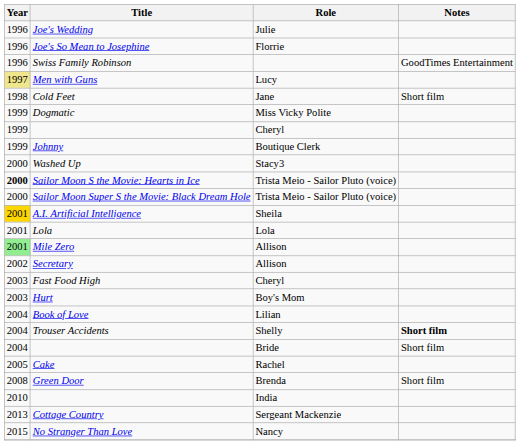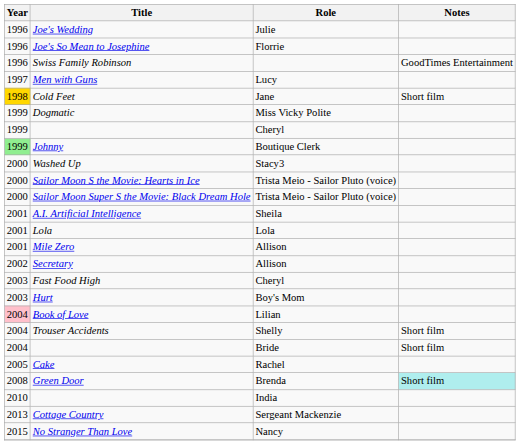 <table class="wikitable sortable">
 <tr>
 <th>Year</th>
 <th>Title</th>
 <th>Role</th>
 <th class="unsortable">Notes</th>
 </tr>
 <tr>
 <td>1996</td>
 <td><em><a href='#'>Joe's Wedding</a></em></td>
 <td>Julie</td>
 <td></td>
 </tr>
 <tr>
 <td>1996</td>
 <td><em><a href='#'>Joe's So Mean to Josephine</a></em></td>
 <td>Florrie</td>
 <td></td>
 </tr>
 <tr>
 <td>1996</td>
 <td><em>Swiss Family Robinson</em></td>
 <td></td>
 <td>GoodTimes Entertainment</td>
 </tr>
 <tr>
-<td style="background: khaki;">1997</td>
+<td>1997</td>
 <td><em><a href='#'>Men with Guns</a></em></td>
 <td>Lucy</td>
 <td></td>
 </tr>
 <tr>
-<td>1998</td>
+<td style="background: gold;">1998</td>
 <td><em>Cold Feet</em></td>
 <td>Jane</td>
 <td>Short film</td>
 </tr>
 <tr>
 <td>1999</td>
 <td><em>Dogmatic</em></td>
 <td>Miss Vicky Polite</td>
 <td></td>
 </tr>
 <tr>
 <td>1999</td>
 <td><em></em></td>
 <td>Cheryl</td>
 <td></td>
 </tr>
 <tr>
-<td>1999</td>
+<td style="background: lightgreen;">1999</td>
 <td><em><a href='#'>Johnny</a></em></td>
 <td>Boutique Clerk</td>
 <td></td>
 </tr>
 <tr>
 <td>2000</td>
 <td><em>Washed Up</em></td>
 <td>Stacy3</td>
 <td></td>
 </tr>
 <tr>
-<td><strong>2000</strong></td>
+<td>2000</td>
 <td><em><a href='#'>Sailor Moon S the Movie: Hearts in Ice</a></em></td>
 <td>Trista Meio - Sailor Pluto (voice)</td>
 <td></td>
 </tr>
 <tr>
 <td>2000</td>
 <td><em><a href='#'>Sailor Moon Super S the Movie: Black Dream Hole</a></em></td>
 <td>Trista Meio - Sailor Pluto (voice)</td>
 <td></td>
 </tr>
 <tr>
-<td style="background: gold;">2001</td>
+<td>2001</td>
 <td><em><a href='#'>A.I. Artificial Intelligence</a></em></td>
 <td>Sheila</td>
 <td></td>
 </tr>
 <tr>
 <td>2001</td>
 <td><em>Lola</em></td>
 <td>Lola</td>
 <td></td>
 </tr>
 <tr>
-<td style="background: lightgreen;">2001</td>
+<td>2001</td>
 <td><em><a href='#'>Mile Zero</a></em></td>
 <td>Allison</td>
 <td></td>
 </tr>
 <tr>
 <td>2002</td>
 <td><em><a href='#'>Secretary</a></em></td>
 <td>Allison</td>
 <td></td>
 </tr>
 <tr>
 <td>2003</td>
 <td><em>Fast Food High</em></td>
 <td>Cheryl</td>
 <td></td>
 </tr>
 <tr>
 <td>2003</td>
 <td><em><a href='#'>Hurt</a></em></td>
 <td>Boy's Mom</td>
 <td></td>
 </tr>
 <tr>
-<td>2004</td>
+<td style="background: pink;">2004</td>
 <td><em><a href='#'>Book of Love</a></em></td>
 <td>Lilian</td>
 <td></td>
 </tr>
 <tr>
 <td>2004</td>
 <td><em>Trouser Accidents</em></td>
 <td>Shelly</td>
-<td><strong>Short film</strong></td>
+<td>Short film</td>
 </tr>
 <tr>
 <td>2004</td>
 <td><em></em></td>
 <td>Bride</td>
 <td>Short film</td>
 </tr>
 <tr>
 <td>2005</td>
 <td><em><a href='#'>Cake</a></em></td>
 <td>Rachel</td>
 <td></td>
 </tr>
 <tr>
 <td>2008</td>
 <td><em><a href='#'>Green Door</a></em></td>
 <td>Brenda</td>
-<td>Short film</td>
+<td style="background: paleturquoise;">Short film</td>
 </tr>
 <tr>
 <td>2010</td>
 <td><em></em></td>
 <td>India</td>
 <td></td>
 </tr>
 <tr>
 <td>2013</td>
 <td><em><a href='#'>Cottage Country</a></em></td>
 <td>Sergeant Mackenzie</td>
 <td></td>
 </tr>
 <tr>
 <td>2015</td>
 <td><em><a href='#'>No Stranger Than Love</a></em></td>
 <td>Nancy</td>
 <td></td>
 </tr>
 <tr>
 </tr>
 </table>
